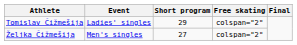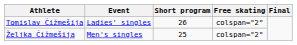 <table class="wikitable" style="font-size:90%">
 <tr>
 <th>Athlete</th>
 <th>Event</th>
 <th>Short program</th>
 <th>Free skating</th>
 <th>Final</th>
 </tr>
 <tr align="center">
 <td align="left"><a href='#'>Tomislav Čižmešija</a></td>
 <td align="left"><a href='#'>Ladies' singles</a></td>
-<td>29</td>
+<td>26</td>
 <td>colspan="2" </td>
 </tr>
 <tr align="center">
 <td align="left"><a href='#'>Željka Čižmešija</a></td>
 <td align="left"><a href='#'>Men's singles</a></td>
-<td>27</td>
+<td>25</td>
 <td>colspan="2" </td>
 </tr>
 </table>
